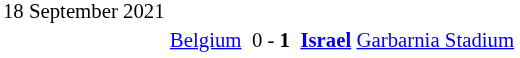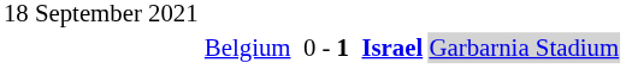 <table>
 <tr>
 <td>18 September 2021</td>
 </tr>
 <tr>
 <td></td>
 <td align=right><a href='#'>Belgium</a></td>
 <td></td>
 <td>0 - <strong>1</strong></td>
 <td></td>
 <td><strong><a href='#'>Israel</a></strong></td>
-<td><a href='#'>Garbarnia Stadium</a></td>
+<td style="background: lightgrey;"><a href='#'>Garbarnia Stadium</a></td>
 </tr>
 </table>
